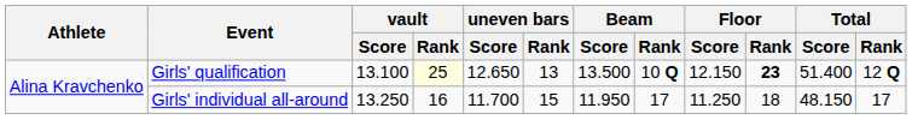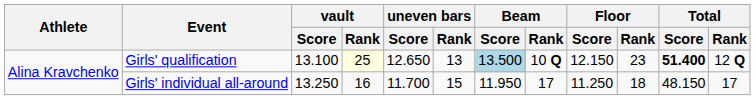 <table class="wikitable" border="1" style="font-size:90%">
 <tr>
 <th rowspan=2>Athlete</th>
 <th rowspan=2>Event</th>
 <th colspan=2>vault</th>
 <th colspan=2>uneven bars</th>
 <th colspan=2>Beam</th>
 <th colspan=2>Floor</th>
 <th colspan=2>Total</th>
 </tr>
 <tr>
 <th>Score</th>
 <th>Rank</th>
 <th>Score</th>
 <th>Rank</th>
 <th>Score</th>
 <th>Rank</th>
 <th>Score</th>
 <th>Rank</th>
 <th>Score</th>
 <th>Rank</th>
 </tr>
 <tr>
 <td rowspan=2><a href='#'>Alina Kravchenko</a></td>
 <td><a href='#'>Girls' qualification</a></td>
 <td align=center>13.100</td>
 <td align=center style="background: lightyellow;">25</td>
 <td align=center>12.650</td>
 <td align=center>13</td>
-<td align=center>13.500</td>
+<td align=center style="background: lightblue;">13.500</td>
 <td align=center>10 <strong>Q</strong></td>
 <td align=center>12.150</td>
-<td align=center><strong>23</strong></td>
-<td align=center>51.400</td>
+<td align=center>23</td>
+<td align=center><strong>51.400</strong></td>
 <td align=center>12 <strong>Q</strong></td>
 </tr>
 <tr>
 <td><a href='#'>Girls' individual all-around</a></td>
 <td align=center>13.250</td>
 <td align=center>16</td>
 <td align=center>11.700</td>
 <td align=center>15</td>
 <td align=center>11.950</td>
 <td align=center>17</td>
 <td align=center>11.250</td>
 <td align=center>18</td>
 <td align=center>48.150</td>
 <td align=center>17</td>
 </tr>
 </table>
